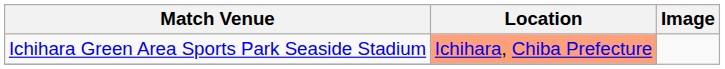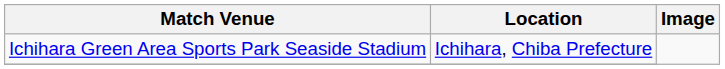 <table class="wikitable" style="text-align:center;">
 <tr>
 <th>Match Venue</th>
 <th>Location</th>
 <th>Image</th>
 </tr>
 <tr>
 <td><a href='#'>Ichihara Green Area Sports Park Seaside Stadium</a></td>
-<td style="background: lightsalmon;"><a href='#'>Ichihara</a>, <a href='#'>Chiba Prefecture</a></td>
+<td><a href='#'>Ichihara</a>, <a href='#'>Chiba Prefecture</a></td>
 </tr>
 <tr>
 </tr>
 </table>
